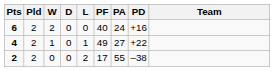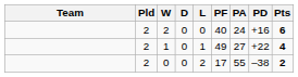 <table class="wikitable" style="text-align:center;">
 <tr>
-<th width=20 abbr="Points">Pts</th>
+<th width=190>Team</th>
 <th width=20 abbr="Played">Pld</th>
 <th width=20 abbr="Won">W</th>
 <th width=20 abbr="Drawn">D</th>
 <th width=20 abbr="Lost">L</th>
 <th width=20 abbr="Points for">PF</th>
 <th width=20 abbr="Points against">PA</th>
 <th width=25 abbr="Points difference">PD</th>
-<th width=190>Team</th>
+<th width=20 abbr="Points">Pts</th>
 </tr>
 <tr>
-<td><strong>6</strong></td>
+<td align=left></td>
 <td>2</td>
 <td>2</td>
 <td>0</td>
 <td>0</td>
 <td>40</td>
 <td>24</td>
 <td>+16</td>
-<td align=left></td>
+<td><strong>6</strong></td>
 </tr>
 <tr>
-<td><strong>4</strong></td>
+<td align=left></td>
 <td>2</td>
 <td>1</td>
 <td>0</td>
 <td>1</td>
 <td>49</td>
 <td>27</td>
 <td>+22</td>
-<td align=left></td>
+<td><strong>4</strong></td>
 </tr>
 <tr>
-<td><strong>2</strong></td>
+<td align=left></td>
 <td>2</td>
 <td>0</td>
 <td>0</td>
 <td>2</td>
 <td>17</td>
 <td>55</td>
 <td>–38</td>
-<td align=left></td>
+<td><strong>2</strong></td>
 </tr>
 </table>
